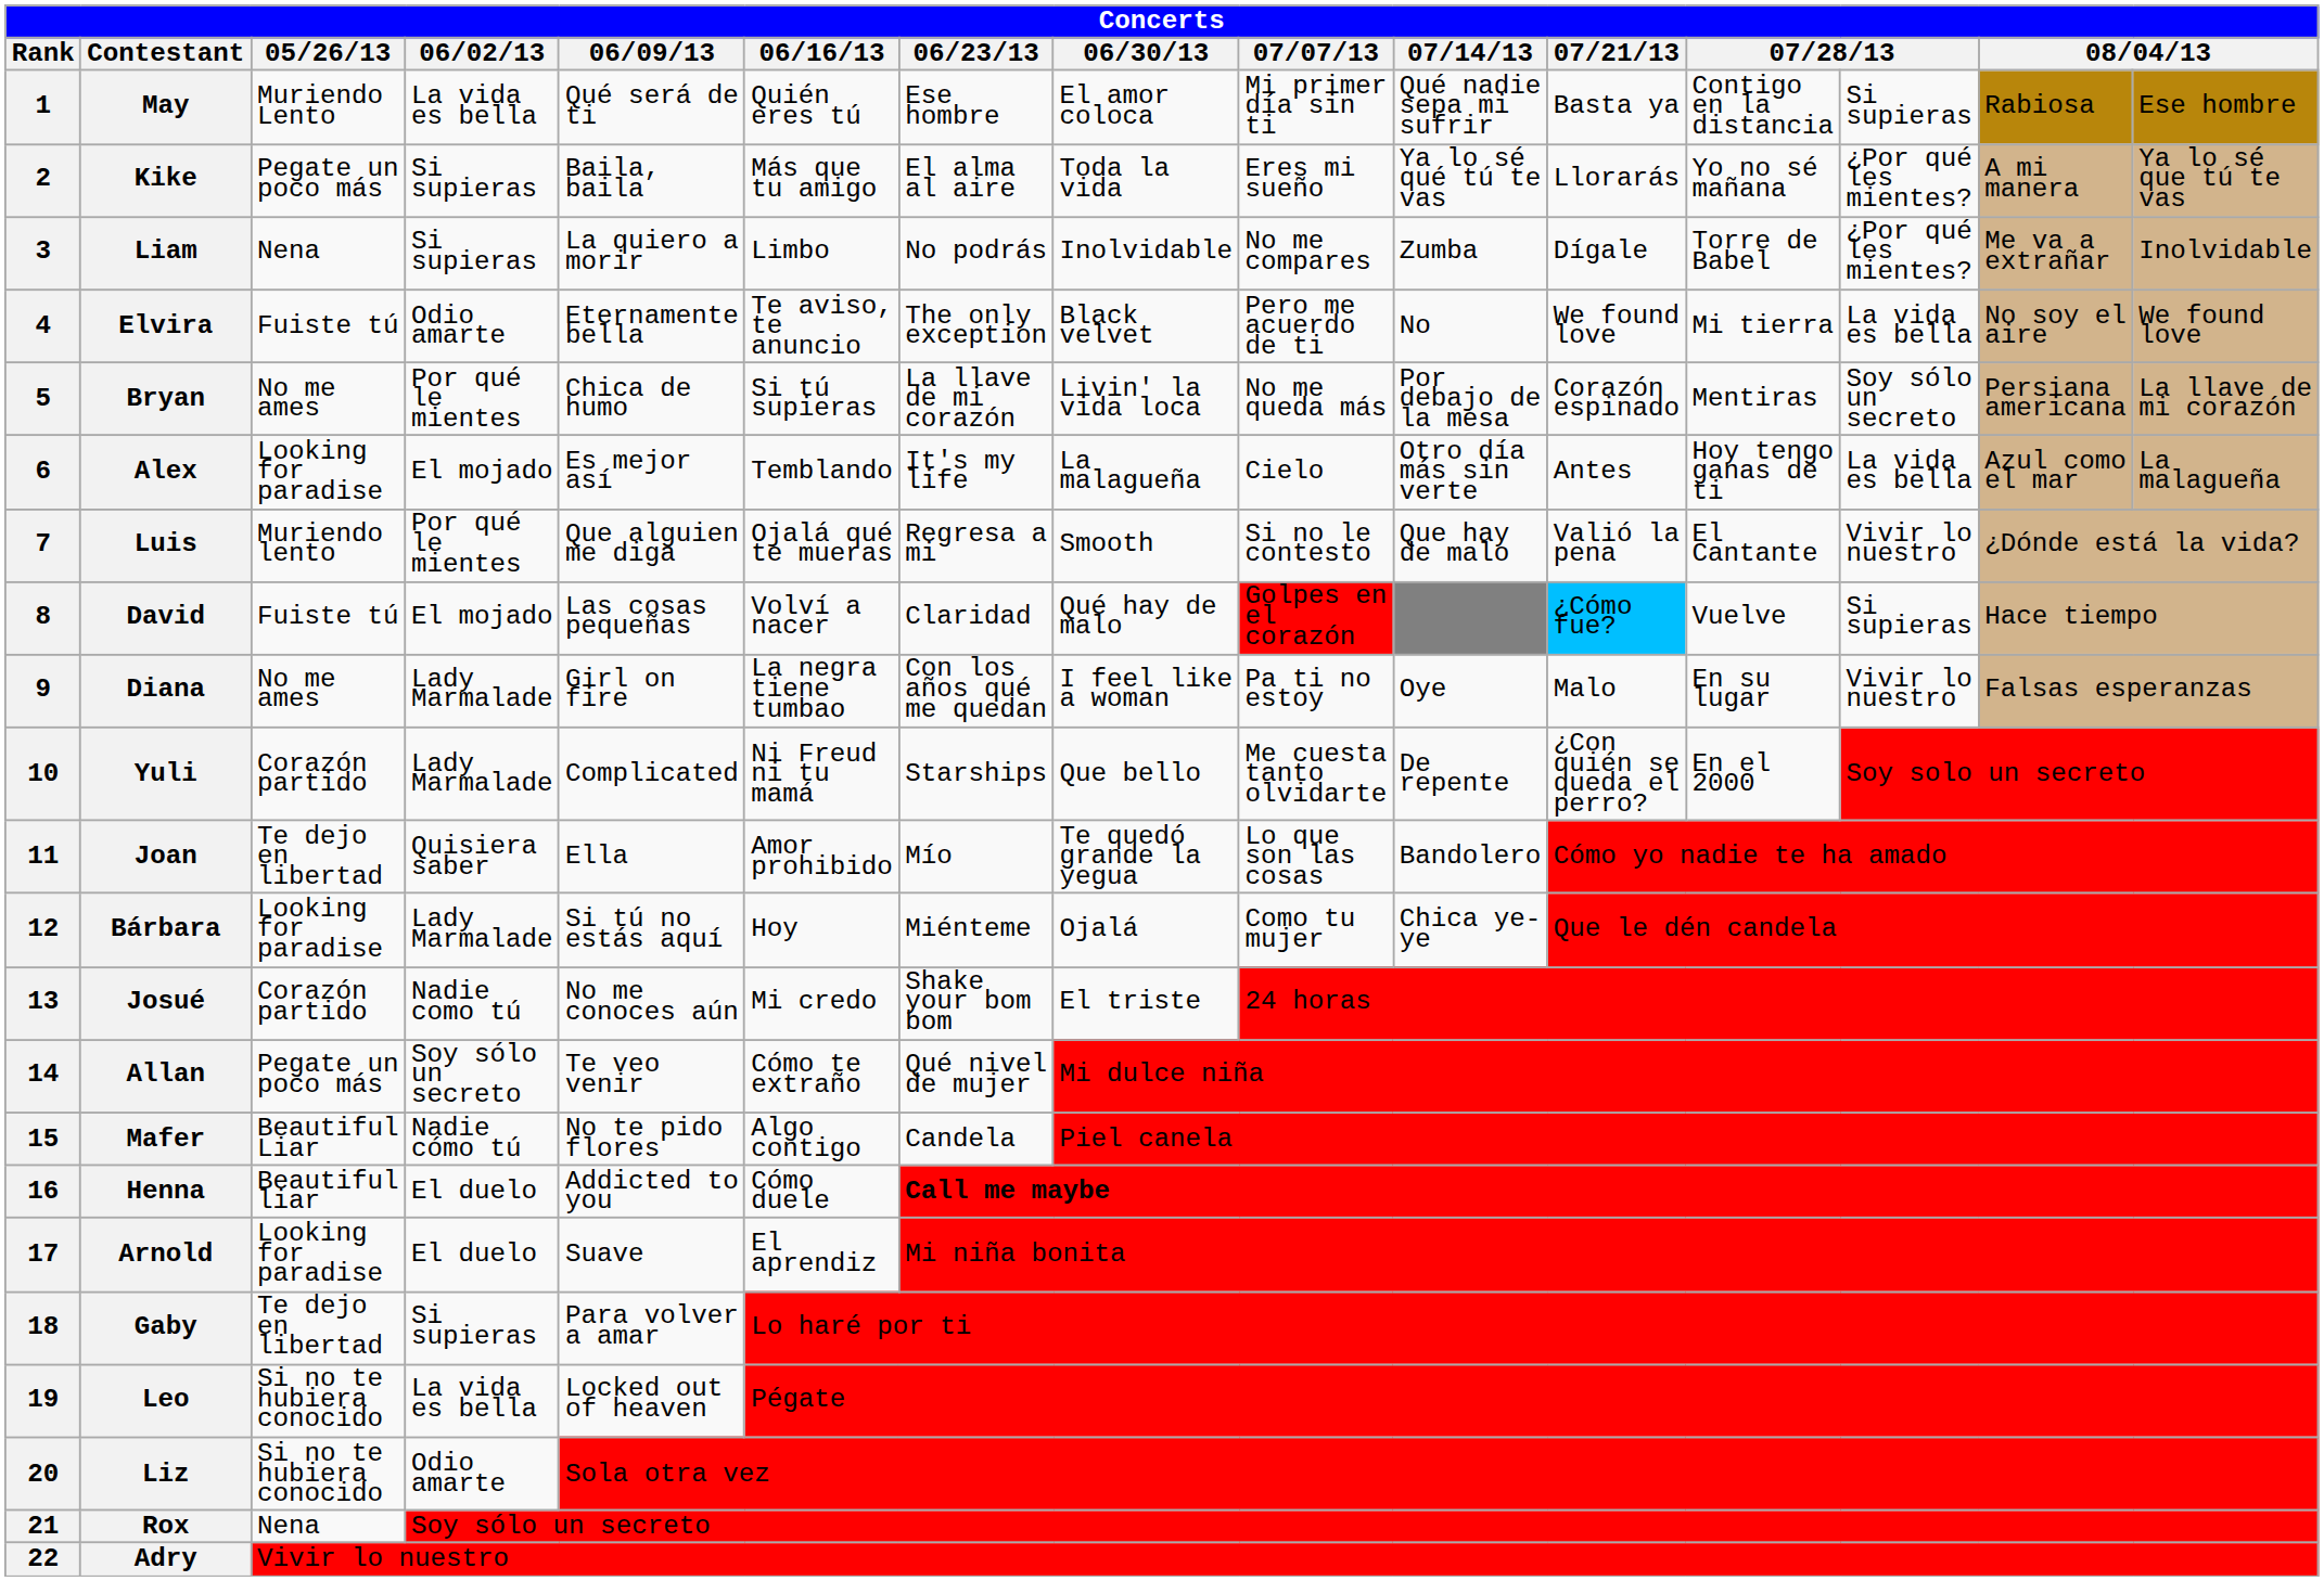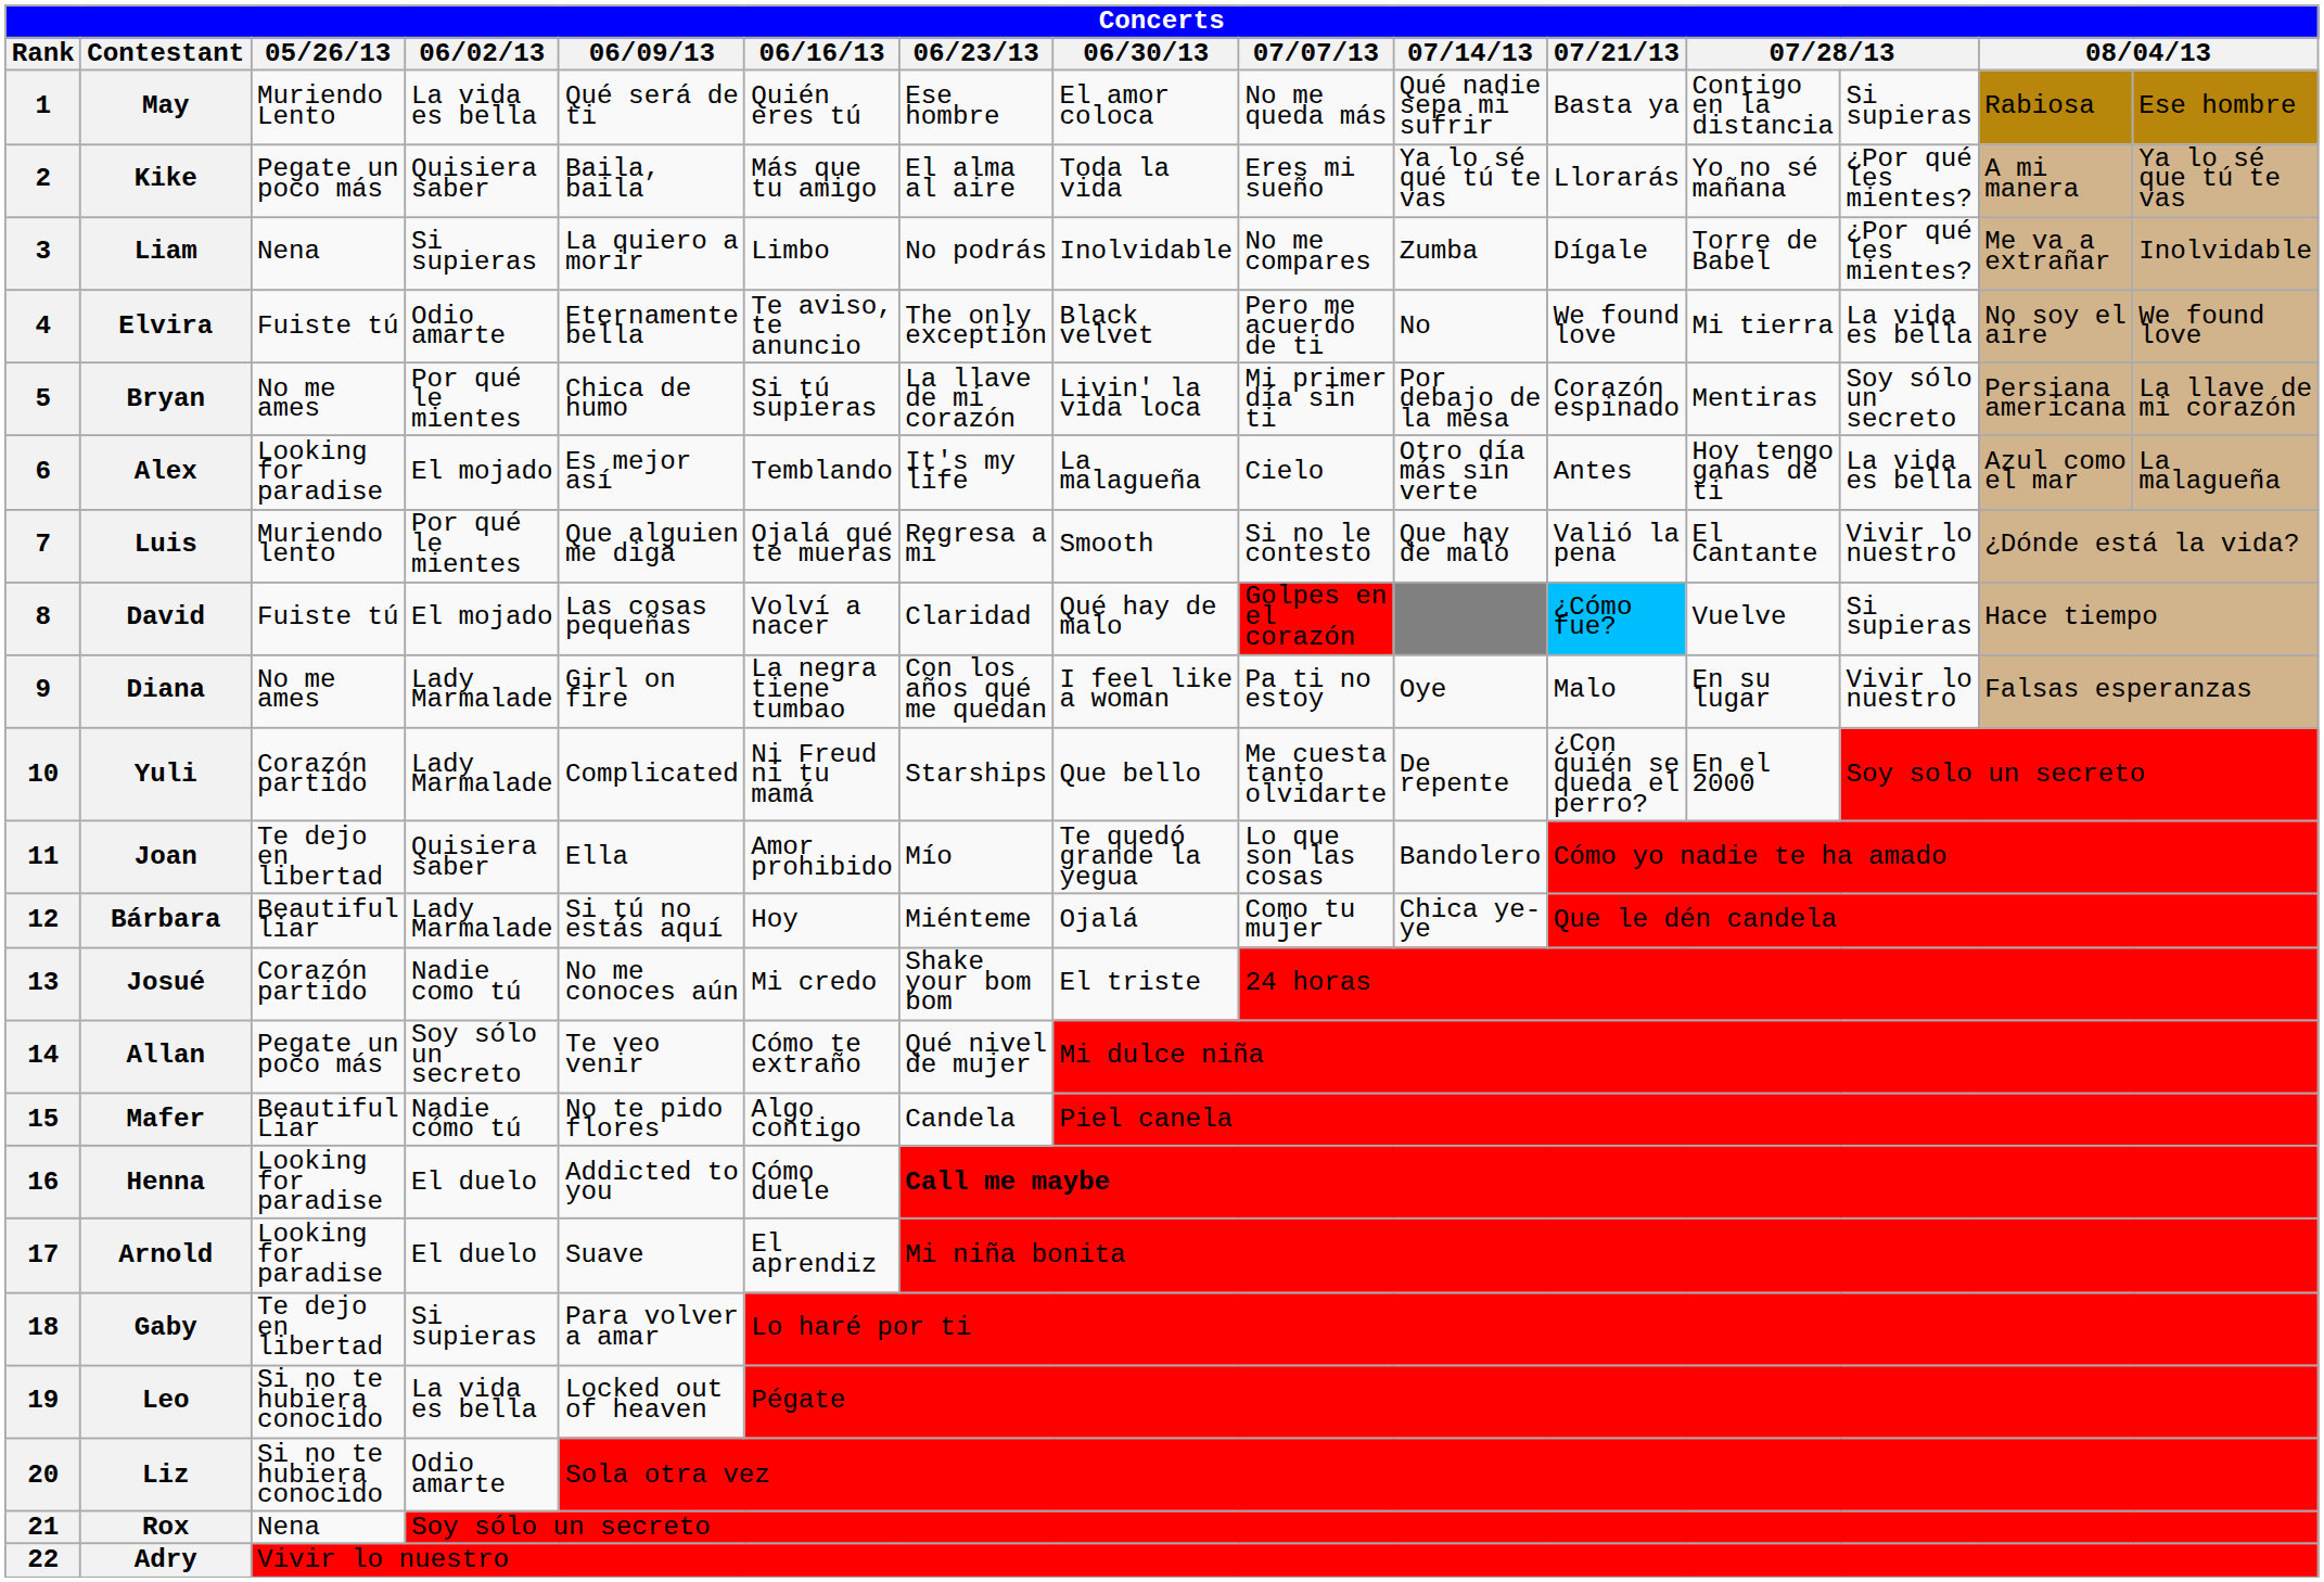 <table class="wikitable collapsible collapsed" style="text-align:left; line-height:10px; line-width:12px;">
 <tr>
 <th colspan="15" style="background:blue; color:White;">Concerts</th>
 </tr>
 <tr>
 <th>Rank</th>
 <th>Contestant</th>
 <th>05/26/13</th>
 <th>06/02/13</th>
 <th>06/09/13</th>
 <th>06/16/13</th>
 <th>06/23/13</th>
 <th>06/30/13</th>
 <th>07/07/13</th>
 <th>07/14/13</th>
 <th>07/21/13</th>
 <th colspan="2">07/28/13</th>
 <th colspan="2">08/04/13</th>
 </tr>
 <tr>
 <th>1</th>
 <th>May</th>
 <td>Muriendo Lento</td>
 <td>La vida es bella</td>
 <td>Qué será de ti</td>
 <td>Quién eres tú</td>
 <td>Ese hombre</td>
 <td>El amor coloca</td>
-<td>Mi primer día sin ti</td>
+<td>No me queda más</td>
 <td>Qué nadie sepa mi sufrir</td>
 <td>Basta ya</td>
 <td>Contigo en la distancia</td>
 <td>Si supieras</td>
 <td style="background-color:darkgoldenrod;">Rabiosa</td>
 <td style="background-color:darkgoldenrod;">Ese hombre</td>
 </tr>
 <tr>
 <th>2</th>
 <th>Kike</th>
 <td>Pegate un poco más</td>
-<td>Si supieras</td>
+<td>Quisiera saber</td>
 <td>Baila, baila</td>
 <td>Más que tu amigo</td>
 <td>El alma al aire</td>
 <td>Toda la vida</td>
 <td>Eres mi sueño</td>
 <td>Ya lo sé qué tú te vas</td>
 <td>Llorarás</td>
 <td>Yo no sé mañana</td>
 <td>¿Por qué les mientes?</td>
 <td style="background-color:tan;">A mi manera</td>
 <td style="background-color:tan;">Ya lo sé que tú te vas</td>
 </tr>
 <tr>
 <th>3</th>
 <th>Liam</th>
 <td>Nena</td>
 <td>Si supieras</td>
 <td>La quiero a morir</td>
 <td>Limbo</td>
 <td>No podrás</td>
 <td>Inolvidable</td>
 <td>No me compares</td>
 <td>Zumba</td>
 <td>Dígale</td>
 <td>Torre de Babel</td>
 <td>¿Por qué les mientes?</td>
 <td style="background-color:tan;">Me va a extrañar</td>
 <td style="background-color:tan;">Inolvidable</td>
 </tr>
 <tr>
 <th>4</th>
 <th>Elvira</th>
 <td>Fuiste tú</td>
 <td>Odio amarte</td>
 <td>Eternamente bella</td>
 <td>Te aviso, te anuncio</td>
 <td>The only exception</td>
 <td>Black velvet</td>
 <td>Pero me acuerdo de ti</td>
 <td>No</td>
 <td>We found love</td>
 <td>Mi tierra</td>
 <td>La vida es bella</td>
 <td style="background-color:tan;">No soy el aire</td>
 <td style="background-color:tan;">We found love</td>
 </tr>
 <tr>
 <th>5</th>
 <th>Bryan</th>
 <td>No me ames</td>
 <td>Por qué le mientes</td>
 <td>Chica de humo</td>
 <td>Si tú supieras</td>
 <td>La llave de mi corazón</td>
 <td>Livin' la vida loca</td>
-<td>No me queda más</td>
+<td>Mi primer día sin ti</td>
 <td>Por debajo de la mesa</td>
 <td>Corazón espinado</td>
 <td>Mentiras</td>
 <td>Soy sólo un secreto</td>
 <td style="background-color:tan;">Persiana americana</td>
 <td style="background-color:tan;">La llave de mi corazón</td>
 </tr>
 <tr>
 <th>6</th>
 <th>Alex</th>
 <td>Looking for paradise</td>
 <td>El mojado</td>
 <td>Es mejor así</td>
 <td>Temblando</td>
 <td>It's my life</td>
 <td>La malagueña</td>
 <td>Cielo</td>
 <td>Otro día más sin verte</td>
 <td>Antes</td>
 <td>Hoy tengo ganas de ti</td>
 <td>La vida es bella</td>
 <td style="background-color:tan;">Azul como el mar</td>
 <td style="background-color:tan;">La malagueña</td>
 </tr>
 <tr>
 <th>7</th>
 <th>Luis</th>
 <td>Muriendo lento</td>
 <td>Por qué le mientes</td>
 <td>Que alguien me diga</td>
 <td>Ojalá qué te mueras</td>
 <td>Regresa a mi</td>
 <td>Smooth</td>
 <td>Si no le contesto</td>
 <td>Que hay de malo</td>
 <td>Valió la pena</td>
 <td>El Cantante</td>
 <td>Vivir lo nuestro</td>
 <td style="background-color:tan;" colspan=2>¿Dónde está la vida?</td>
 </tr>
 <tr>
 <th>8</th>
 <th>David</th>
 <td>Fuiste tú</td>
 <td>El mojado</td>
 <td>Las cosas pequeñas</td>
 <td>Volví a nacer</td>
 <td>Claridad</td>
 <td>Qué hay de malo</td>
 <td style="background-color:#FF0000;">Golpes en el corazón</td>
 <td style="background-color:gray;"></td>
 <td style="background-color:DeepSkyBlue;">¿Cómo fue?</td>
 <td>Vuelve</td>
 <td>Si supieras</td>
 <td style="background-color:tan;" colspan=2>Hace tiempo</td>
 </tr>
 <tr>
 <th>9</th>
 <th>Diana</th>
 <td>No me ames</td>
 <td>Lady Marmalade</td>
 <td>Girl on fire</td>
 <td>La negra tiene tumbao</td>
 <td>Con los años qué me quedan</td>
 <td>I feel like a woman</td>
 <td>Pa ti no estoy</td>
 <td>Oye</td>
 <td>Malo</td>
 <td>En su lugar</td>
 <td>Vivir lo nuestro</td>
 <td style="background-color:tan;" colspan=2>Falsas esperanzas</td>
 </tr>
 <tr>
 <th>10</th>
 <th>Yuli</th>
 <td>Corazón partido</td>
 <td>Lady Marmalade</td>
 <td>Complicated</td>
 <td>Ni Freud ni tu mamá</td>
 <td>Starships</td>
 <td>Que bello</td>
 <td>Me cuesta tanto olvidarte</td>
 <td>De repente</td>
 <td>¿Con quién se queda el perro?</td>
 <td>En el 2000</td>
 <td style="background-color:#FF0000;" colspan=3>Soy solo un secreto</td>
 </tr>
 <tr>
 <th>11</th>
 <th>Joan</th>
 <td>Te dejo en libertad</td>
 <td>Quisiera saber</td>
 <td>Ella</td>
 <td>Amor prohibido</td>
 <td>Mío</td>
 <td>Te quedó grande la yegua</td>
 <td>Lo que son las cosas</td>
 <td>Bandolero</td>
 <td style="background-color:#FF0000;" colspan=5>Cómo yo nadie te ha amado</td>
 </tr>
 <tr>
 <th>12</th>
 <th>Bárbara</th>
-<td>Looking for paradise</td>
+<td>Beautiful liar</td>
 <td>Lady Marmalade</td>
 <td>Si tú no estás aquí</td>
 <td>Hoy</td>
 <td>Miénteme</td>
 <td>Ojalá</td>
 <td>Como tu mujer</td>
 <td>Chica ye-ye</td>
 <td style="background-color:#FF0000;" colspan=5>Que le dén candela</td>
 </tr>
 <tr>
 <th>13</th>
 <th>Josué</th>
 <td>Corazón partido</td>
 <td>Nadie como tú</td>
 <td>No me conoces aún</td>
 <td>Mi credo</td>
 <td>Shake your bom bom</td>
 <td>El triste</td>
 <td style="background-color:#FF0000;" colspan=7>24 horas</td>
 </tr>
 <tr>
 <th>14</th>
 <th>Allan</th>
 <td>Pegate un poco más</td>
 <td>Soy sólo un secreto</td>
 <td>Te veo venir</td>
 <td>Cómo te extraño</td>
 <td>Qué nivel de mujer</td>
 <td style="background-color:#FF0000;" colspan=8>Mi dulce niña</td>
 </tr>
 <tr>
 <th>15</th>
 <th>Mafer</th>
 <td>Beautiful Liar</td>
 <td>Nadie cómo tú</td>
 <td>No te pido flores</td>
 <td>Algo contigo</td>
 <td>Candela</td>
 <td style="background-color:#FF0000;" colspan=8>Piel canela</td>
 </tr>
 <tr>
 <th>16</th>
 <th>Henna</th>
-<td>Beautiful liar</td>
+<td>Looking for paradise</td>
 <td>El duelo</td>
 <td>Addicted to you</td>
 <td>Cómo duele</td>
 <td style="background-color:#FF0000;" colspan=9><strong>Call me maybe</strong></td>
 </tr>
 <tr>
 <th>17</th>
 <th>Arnold</th>
 <td>Looking for paradise</td>
 <td>El duelo</td>
 <td>Suave</td>
 <td>El aprendiz</td>
 <td style="background-color:#FF0000;" colspan=9>Mi niña bonita</td>
 </tr>
 <tr>
 <th>18</th>
 <th>Gaby</th>
 <td>Te dejo en libertad</td>
 <td>Si supieras</td>
 <td>Para volver a amar</td>
 <td style="background-color:#FF0000;" colspan=10>Lo haré por ti</td>
 </tr>
 <tr>
 <th>19</th>
 <th>Leo</th>
 <td>Si no te hubiera conocido</td>
 <td>La vida es bella</td>
 <td>Locked out of heaven</td>
 <td style="background-color:#FF0000;" colspan=10>Pégate</td>
 </tr>
 <tr>
 <th>20</th>
 <th>Liz</th>
 <td>Si no te hubiera conocido</td>
 <td>Odio amarte</td>
 <td style="background-color:#FF0000;" colspan=11>Sola otra vez</td>
 </tr>
 <tr>
 <th>21</th>
 <th>Rox</th>
 <td>Nena</td>
 <td style="background-color:#FF0000;" colspan=12>Soy sólo un secreto</td>
 </tr>
 <tr>
 <th>22</th>
 <th>Adry</th>
 <td style="background-color:#FF0000;" colspan=13>Vivir lo nuestro</td>
 </tr>
 <tr>
 </tr>
 </table>
